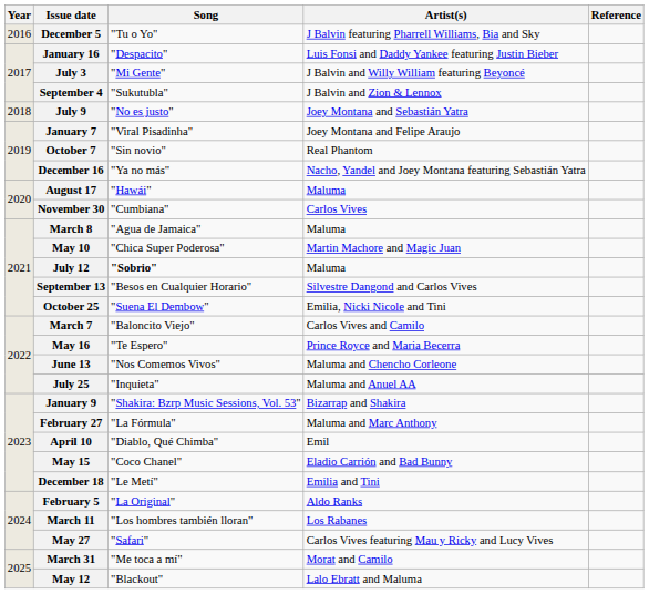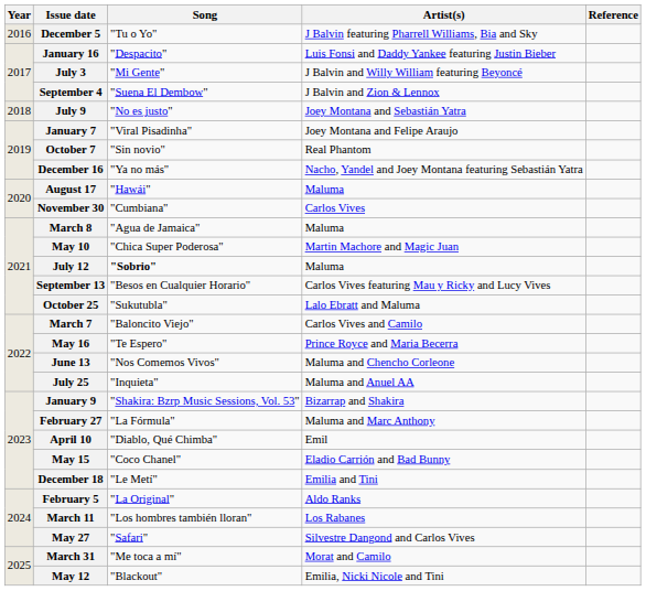 <table class="wikitable plainrowheaders" style="font-size:95%;">
 <tr>
 <th>Year</th>
 <th>Issue date</th>
 <th>Song</th>
 <th>Artist(s)</th>
 <th>Reference</th>
 </tr>
 <tr>
 <td bgcolor=#EDEAE0 align=center>2016</td>
 <th scope="row">December 5</th>
 <td>"Tu o Yo"</td>
 <td><a href='#'>J Balvin</a> featuring <a href='#'>Pharrell Williams</a>, <a href='#'>Bia</a> and Sky</td>
 <td align="center"></td>
 </tr>
 <tr>
 <td bgcolor=#EDEAE0 align=center rowspan=3>2017</td>
 <th scope="row">January 16</th>
 <td>"<a href='#'>Despacito</a>"</td>
 <td><a href='#'>Luis Fonsi</a> and <a href='#'>Daddy Yankee</a> featuring <a href='#'>Justin Bieber</a></td>
 <td align="center"></td>
 </tr>
 <tr>
 <th scope="row">July 3</th>
 <td>"<a href='#'>Mi Gente</a>"</td>
 <td>J Balvin and <a href='#'>Willy William</a> featuring <a href='#'>Beyoncé</a></td>
 <td align="center"></td>
 </tr>
 <tr>
 <th scope="row">September 4</th>
-<td>"Sukutubla"</td>
+<td>"<a href='#'>Suena El Dembow</a>"</td>
 <td>J Balvin and <a href='#'>Zion & Lennox</a></td>
 <td align="center"></td>
 </tr>
 <tr>
 <td bgcolor=#EDEAE0 align=center>2018</td>
 <th scope="row">July 9</th>
 <td>"<a href='#'>No es justo</a>"</td>
 <td><a href='#'>Joey Montana</a> and <a href='#'>Sebastián Yatra</a></td>
 <td align="center"></td>
 </tr>
 <tr>
 <td bgcolor=#EDEAE0 align=center rowspan=3>2019</td>
 <th scope="row">January 7</th>
 <td>"Viral Pisadinha"</td>
 <td>Joey Montana and Felipe Araujo</td>
 <td align="center"></td>
 </tr>
 <tr>
 <th scope="row">October 7</th>
 <td>"Sin novio"</td>
 <td>Real Phantom</td>
 <td align="center"></td>
 </tr>
 <tr>
 <th scope="row">December 16</th>
 <td>"Ya no más"</td>
 <td><a href='#'>Nacho</a>, <a href='#'>Yandel</a> and Joey Montana featuring Sebastián Yatra</td>
 <td align="center"></td>
 </tr>
 <tr>
 <td bgcolor=#EDEAE0 align=center rowspan=2>2020</td>
 <th scope="row">August 17</th>
 <td>"<a href='#'>Hawái</a>"</td>
 <td><a href='#'>Maluma</a></td>
 <td align="center"></td>
 </tr>
 <tr>
 <th scope="row">November 30</th>
 <td>"Cumbiana"</td>
 <td><a href='#'>Carlos Vives</a></td>
 <td align="center"></td>
 </tr>
 <tr>
 <td bgcolor=#EDEAE0 align=center rowspan="5">2021</td>
 <th scope="row">March 8</th>
 <td>"Agua de Jamaica"</td>
 <td>Maluma</td>
 <td align="center"></td>
 </tr>
 <tr>
 <th scope="row">May 10</th>
 <td>"Chica Super Poderosa"</td>
 <td><a href='#'>Martin Machore</a> and <a href='#'>Magic Juan</a></td>
 <td align="center"></td>
 </tr>
 <tr>
 <th scope="row">July 12</th>
 <td><strong>"Sobrio"</strong></td>
 <td>Maluma</td>
 <td align="center"></td>
 </tr>
 <tr>
 <th scope="row">September 13</th>
 <td>"Besos en Cualquier Horario"</td>
-<td><a href='#'>Silvestre Dangond</a> and Carlos Vives</td>
+<td>Carlos Vives featuring <a href='#'>Mau y Ricky</a> and Lucy Vives</td>
 <td align="center"></td>
 </tr>
 <tr>
 <th scope="row">October 25</th>
-<td>"<a href='#'>Suena El Dembow</a>"</td>
-<td>Emilia, <a href='#'>Nicki Nicole</a> and Tini</td>
+<td>"Sukutubla"</td>
+<td><a href='#'>Lalo Ebratt</a> and Maluma</td>
 <td align="center"></td>
 </tr>
 <tr>
 <td bgcolor=#EDEAE0 align=center rowspan="4">2022</td>
 <th scope="row">March 7</th>
 <td>"Baloncito Viejo"</td>
 <td>Carlos Vives and <a href='#'>Camilo</a></td>
 <td align="center"></td>
 </tr>
 <tr>
 <th scope="row">May 16</th>
 <td>"Te Espero"</td>
 <td><a href='#'>Prince Royce</a> and <a href='#'>Maria Becerra</a></td>
 <td align="center"></td>
 </tr>
 <tr>
 <th scope="row">June 13</th>
 <td>"Nos Comemos Vivos"</td>
 <td>Maluma and <a href='#'>Chencho Corleone</a></td>
 <td align="center"></td>
 </tr>
 <tr>
 <th scope="row">July 25</th>
 <td>"Inquieta"</td>
 <td>Maluma and <a href='#'>Anuel AA</a></td>
 <td align="center"></td>
 </tr>
 <tr>
 <td bgcolor=#EDEAE0 align=center rowspan="5">2023</td>
 <th scope="row">January 9</th>
 <td>"<a href='#'>Shakira: Bzrp Music Sessions, Vol. 53</a>"</td>
 <td><a href='#'>Bizarrap</a> and <a href='#'>Shakira</a></td>
 <td align="center"></td>
 </tr>
 <tr>
 <th scope="row">February 27</th>
 <td>"La Fórmula"</td>
 <td>Maluma and <a href='#'>Marc Anthony</a></td>
 <td align="center"></td>
 </tr>
 <tr>
 <th scope="row">April 10</th>
 <td>"Diablo, Qué Chimba"</td>
 <td>Emil</td>
 <td align="center"></td>
 </tr>
 <tr>
 <th scope="row">May 15</th>
 <td>"Coco Chanel"</td>
 <td><a href='#'>Eladio Carrión</a> and <a href='#'>Bad Bunny</a></td>
 <td align="center"></td>
 </tr>
 <tr>
 <th scope="row">December 18</th>
 <td>"Le Metí"</td>
 <td><a href='#'>Emilia</a> and <a href='#'>Tini</a></td>
 <td align="center"></td>
 </tr>
 <tr>
 <td bgcolor=#EDEAE0 align=center rowspan="3">2024</td>
 <th scope="row">February 5</th>
 <td>"<a href='#'>La Original</a>"</td>
 <td><a href='#'>Aldo Ranks</a></td>
 <td align="center"></td>
 </tr>
 <tr>
 <th scope="row">March 11</th>
 <td>"Los hombres también lloran"</td>
 <td><a href='#'>Los Rabanes</a></td>
 <td align="center"></td>
 </tr>
 <tr>
 <th scope="row">May 27</th>
 <td>"<a href='#'>Safari</a>"</td>
-<td>Carlos Vives featuring <a href='#'>Mau y Ricky</a> and Lucy Vives</td>
+<td><a href='#'>Silvestre Dangond</a> and Carlos Vives</td>
 <td align="center"></td>
 </tr>
 <tr>
 <td bgcolor=#EDEAE0 align=center rowspan="2">2025</td>
 <th scope="row">March 31</th>
 <td>"Me toca a mí"</td>
 <td><a href='#'>Morat</a> and <a href='#'>Camilo</a></td>
 <td align="center"></td>
 </tr>
 <tr>
 <th scope="row">May 12</th>
 <td>"Blackout"</td>
-<td><a href='#'>Lalo Ebratt</a> and Maluma</td>
+<td>Emilia, <a href='#'>Nicki Nicole</a> and Tini</td>
 <td align="center"></td>
 </tr>
 </table>
